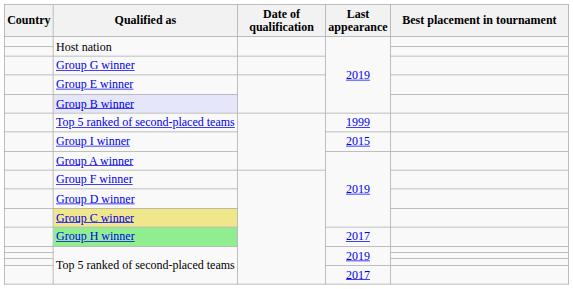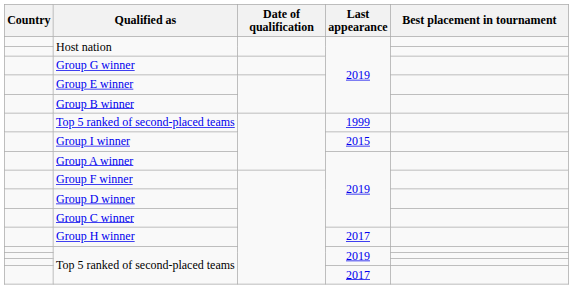 <table class="wikitable sortable">
 <tr>
 <th>Country</th>
 <th>Qualified as</th>
 <th scope="col" width="110">Date of qualification</th>
 <th scope="col" width="50">Last appearance</th>
 <th scope="col" width="230">Best placement in tournament</th>
 </tr>
 <tr>
 <td></td>
 <td rowspan=2>Host nation</td>
 <td rowspan=2></td>
 <td align=center rowspan=5><a href='#'>2019</a></td>
 <td></td>
 </tr>
 <tr>
 <td></td>
 <td></td>
 </tr>
 <tr>
 <td></td>
 <td><a href='#'>Group G winner</a></td>
 <td></td>
 <td></td>
 </tr>
 <tr>
 <td></td>
 <td><a href='#'>Group E winner</a></td>
 <td rowspan=2></td>
 <td></td>
 </tr>
 <tr>
 <td></td>
-<td style="background: lavender;"><a href='#'>Group B winner</a></td>
+<td><a href='#'>Group B winner</a></td>
 <td></td>
 </tr>
 <tr>
 <td></td>
 <td><a href='#'>Top 5 ranked of second-placed teams</a></td>
 <td rowspan=3></td>
 <td align=center><a href='#'>1999</a></td>
 <td></td>
 </tr>
 <tr>
 <td></td>
 <td><a href='#'>Group I winner</a></td>
 <td align=center><a href='#'>2015</a></td>
 <td></td>
 </tr>
 <tr>
 <td></td>
 <td><a href='#'>Group A winner</a></td>
 <td align=center rowspan=4><a href='#'>2019</a></td>
 <td></td>
 </tr>
 <tr>
 <td></td>
 <td><a href='#'>Group F winner</a></td>
 <td rowspan=8></td>
 <td></td>
 </tr>
 <tr>
 <td></td>
 <td><a href='#'>Group D winner</a></td>
 <td></td>
 </tr>
 <tr>
 <td></td>
-<td style="background: khaki;"><a href='#'>Group C winner</a></td>
+<td><a href='#'>Group C winner</a></td>
 <td></td>
 </tr>
 <tr>
 <td></td>
-<td style="background: lightgreen;"><a href='#'>Group H winner</a></td>
+<td><a href='#'>Group H winner</a></td>
 <td align=center><a href='#'>2017</a></td>
 <td></td>
 </tr>
 <tr>
 <td></td>
 <td rowspan=4>Top 5 ranked of second-placed teams</td>
 <td align=center rowspan=3><a href='#'>2019</a></td>
 <td></td>
 </tr>
 <tr>
 <td></td>
 <td></td>
 </tr>
 <tr>
 <td></td>
 <td></td>
 </tr>
 <tr>
 <td></td>
 <td align=center><a href='#'>2017</a></td>
 <td></td>
 </tr>
 </table>
